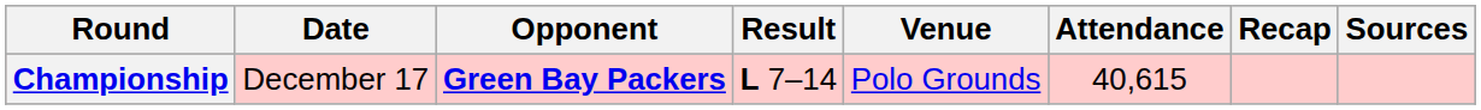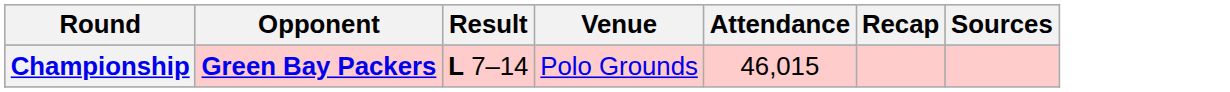 <table class="wikitable" style="text-align:center">
 <tr>
 <th>Round</th>
-<th>Date</th>
 <th>Opponent</th>
 <th>Result</th>
 <th>Venue</th>
 <th>Attendance</th>
 <th>Recap</th>
 <th>Sources</th>
 </tr>
 <tr style="background:#fcc">
 <th><a href='#'>Championship</a></th>
-<td>December 17</td>
 <td><strong><a href='#'>Green Bay Packers</a></strong></td>
 <td><strong>L</strong> 7–14</td>
 <td><a href='#'>Polo Grounds</a></td>
-<td>40,615</td>
+<td>46,015</td>
 <td></td>
 <td></td>
 </tr>
 </table>
